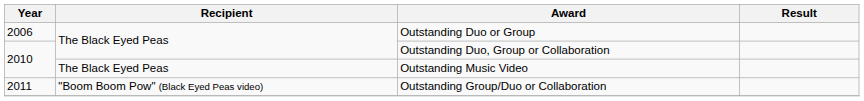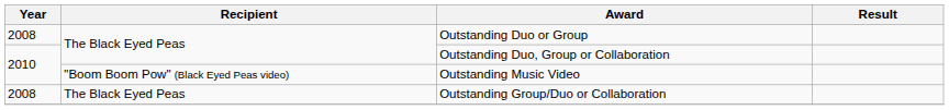 <table style="width: 75%;" class="wikitable">
 <tr>
 <th style="width:6%;">Year</th>
 <th style="width:40%;">Recipient</th>
 <th style="width:40%;">Award</th>
 <th style="width:14%;">Result</th>
 </tr>
 <tr>
-<td>2006</td>
+<td>2008</td>
 <td rowspan=2>The Black Eyed Peas</td>
 <td>Outstanding Duo or Group</td>
 <td></td>
 </tr>
 <tr>
 <td rowspan=2>2010</td>
 <td>Outstanding Duo, Group or Collaboration</td>
 <td></td>
 </tr>
 <tr>
-<td>The Black Eyed Peas</td>
+<td>"Boom Boom Pow" <small>(Black Eyed Peas video)</small></td>
 <td>Outstanding Music Video</td>
 <td></td>
 </tr>
 <tr>
-<td>2011</td>
-<td>"Boom Boom Pow" <small>(Black Eyed Peas video)</small></td>
+<td>2008</td>
+<td>The Black Eyed Peas</td>
 <td>Outstanding Group/Duo or Collaboration</td>
 <td></td>
 </tr>
 <tr>
 </tr>
 </table>
